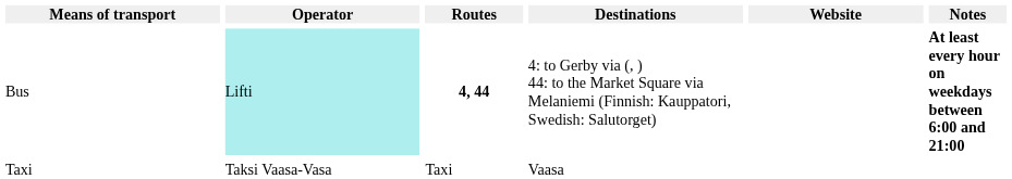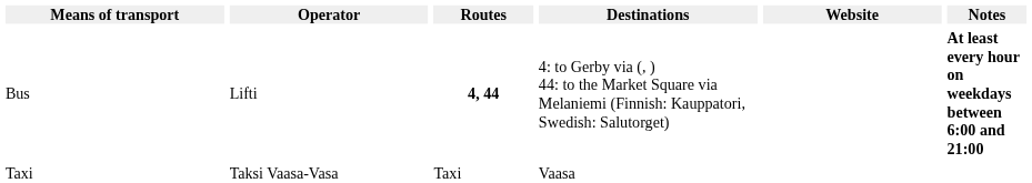 <table class="toc" cellpadding="0" cellspacing="5" style="width:75%; font-size:90%">
 <tr>
 <th colspan="8" style="background:gray; color:light red;"></th>
 </tr>
 <tr style="background:#efefef;">
 <th width=22%>Means of transport</th>
 <th width=20%>Operator</th>
 <th width=10%>Routes</th>
 <th width=22%>Destinations</th>
 <th width=18%>Website</th>
 <th width=10%>Notes</th>
 </tr>
 <tr>
 <td> Bus</td>
-<td style="background: paleturquoise;">Lifti</td>
+<td>Lifti</td>
 <th>4, 44</th>
 <td>4: to Gerby via  (, )<br>44: to the Market Square via Melaniemi (Finnish: Kauppatori, Swedish: Salutorget)</td>
 <td></td>
 <td><strong>At least every hour on weekdays between 6:00 and 21:00</strong></td>
 </tr>
 <tr>
 <td> Taxi</td>
 <td>Taksi Vaasa-Vasa</td>
 <td>Taxi</td>
 <td>Vaasa</td>
 <td></td>
 <td></td>
 </tr>
 </table>
